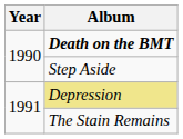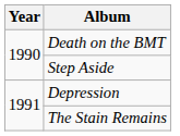 <table class="wikitable">
 <tr>
 <th>Year</th>
 <th>Album</th>
 </tr>
 <tr>
 <td rowspan="2">1990</td>
-<td><strong><em>Death on the BMT</em></strong></td>
+<td><em>Death on the BMT</em></td>
 </tr>
 <tr>
 <td><em>Step Aside</em></td>
 </tr>
 <tr>
 <td rowspan="2">1991</td>
-<td style="background: khaki;"><em>Depression</em></td>
+<td><em>Depression</em></td>
 </tr>
 <tr>
 <td><em>The Stain Remains</em></td>
 </tr>
 </table>
